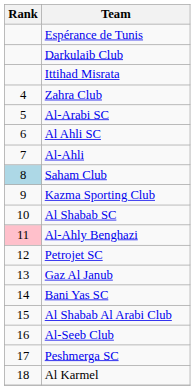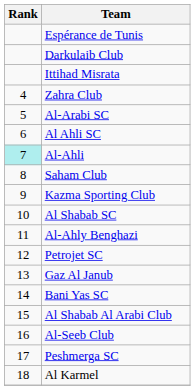 <table class="wikitable" style="text-align: center;">
 <tr>
 <th width=40>Rank</th>
 <th width=180>Team</th>
 </tr>
 <tr align=center>
 <td></td>
 <td style="text-align:left;"> <a href='#'>Espérance de Tunis</a></td>
 </tr>
 <tr align=center>
 <td></td>
 <td style="text-align:left;"> <a href='#'>Darkulaib Club</a></td>
 </tr>
 <tr align=center>
 <td></td>
 <td style="text-align:left;"> <a href='#'>Ittihad Misrata</a></td>
 </tr>
 <tr align=center>
 <td>4</td>
 <td style="text-align:left;"> <a href='#'>Zahra Club</a></td>
 </tr>
 <tr align=center>
 <td>5</td>
 <td style="text-align:left;"> <a href='#'>Al-Arabi SC</a></td>
 </tr>
 <tr align=center>
 <td>6</td>
 <td style="text-align:left;"> <a href='#'>Al Ahli SC</a></td>
 </tr>
 <tr align=center>
-<td>7</td>
+<td style="background: paleturquoise;">7</td>
 <td style="text-align:left;"> <a href='#'>Al-Ahli</a></td>
 </tr>
 <tr align=center>
-<td style="background: lightblue;">8</td>
+<td>8</td>
 <td style="text-align:left;"> <a href='#'>Saham Club</a></td>
 </tr>
 <tr align=center>
 <td>9</td>
 <td style="text-align:left;"> <a href='#'>Kazma Sporting Club</a></td>
 </tr>
 <tr align=center>
 <td>10</td>
 <td style="text-align:left;"> <a href='#'>Al Shabab SC</a></td>
 </tr>
 <tr align=center>
-<td style="background: pink;">11</td>
+<td>11</td>
 <td style="text-align:left;"> <a href='#'>Al-Ahly Benghazi</a></td>
 </tr>
 <tr align=center>
 <td>12</td>
 <td style="text-align:left;"> <a href='#'>Petrojet SC</a></td>
 </tr>
 <tr align=center>
 <td>13</td>
 <td style="text-align:left;"> <a href='#'>Gaz Al Janub</a></td>
 </tr>
 <tr align=center>
 <td>14</td>
 <td style="text-align:left;"> <a href='#'>Bani Yas SC</a></td>
 </tr>
 <tr align=center>
 <td>15</td>
 <td style="text-align:left;"> <a href='#'>Al Shabab Al Arabi Club</a></td>
 </tr>
 <tr align=center>
 <td>16</td>
 <td style="text-align:left;"> <a href='#'>Al-Seeb Club</a></td>
 </tr>
 <tr align=center>
 <td>17</td>
 <td style="text-align:left;"> <a href='#'>Peshmerga SC</a></td>
 </tr>
 <tr align=center>
 <td>18</td>
 <td style="text-align:left;"> Al Karmel</td>
 </tr>
 <tr align=center>
 </tr>
 </table>
